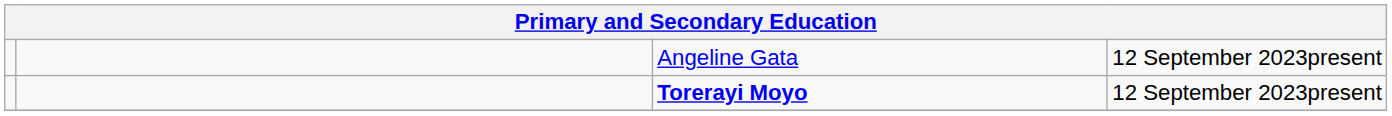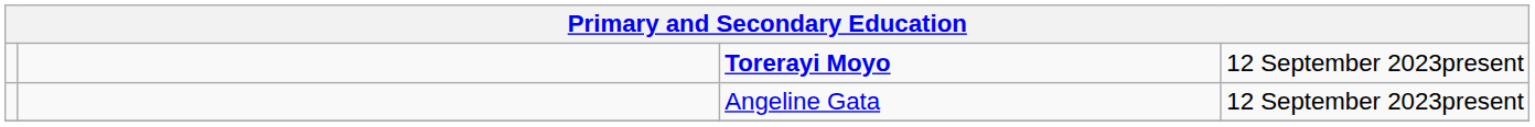 <table class="wikitable">
 <tr>
 <th colspan="4"><a href='#'>Primary and Secondary Education</a></th>
+</tr>
+<tr>
+<td style="width: 1px; background: "></td>
+<td style="width: 450px;"></td>
+<td style="width: 320px;"> <strong><a href='#'>Torerayi Moyo</a></strong></td>
+<td>12 September 2023present</td>
 </tr>
 <tr>
 <td style="width: 1px; background: "></td>
 <td style="width: 450px;"></td>
 <td style="width: 320px;"> <a href='#'>Angeline Gata</a></td>
 <td>12 September 2023present</td>
 </tr>
 <tr>
-<td style="width: 1px; background: "></td>
-<td style="width: 450px;"></td>
-<td style="width: 320px;"> <strong><a href='#'>Torerayi Moyo</a></strong></td>
-<td>12 September 2023present</td>
-</tr>
-<tr>
 </tr>
 </table>
